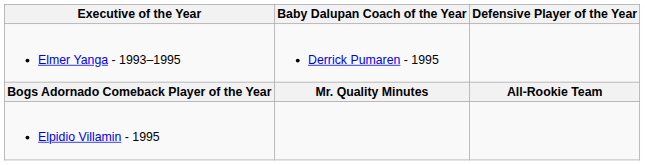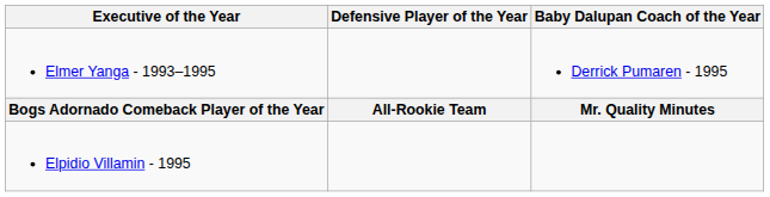 <table class=wikitable>
 <tr>
 <th>Executive of the Year</th>
+<th>Defensive Player of the Year</th>
 <th>Baby Dalupan Coach of the Year</th>
-<th>Defensive Player of the Year</th>
 </tr>
 <tr>
 <td valign="top"><br><ul><li><a href='#'>Elmer Yanga</a> - 1993–1995</li></ul></td>
+<td valign="top"></td>
 <td valign="top"><br><ul><li><a href='#'>Derrick Pumaren</a> - 1995</li></ul></td>
-<td valign="top"></td>
 </tr>
 <tr>
 <th>Bogs Adornado Comeback Player of the Year</th>
+<th>All-Rookie Team</th>
 <th>Mr. Quality Minutes</th>
-<th>All-Rookie Team</th>
 </tr>
 <tr>
 <td valign="top"><br><ul><li><a href='#'>Elpidio Villamin</a> - 1995</li></ul></td>
 <td valign="top"></td>
 <td valign="top"></td>
 </tr>
 </table>
